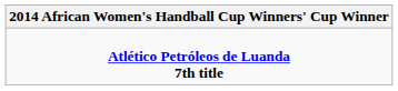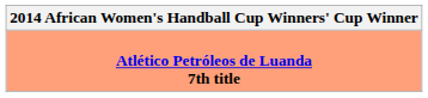 <table class=wikitable style="text-align:center; margin:auto">
 <tr>
 <th>2014 African Women's Handball Cup Winners' Cup Winner</th>
 </tr>
 <tr>
-<td><br><strong><a href='#'>Atlético Petróleos de Luanda</a></strong><br><strong>7th title</strong></td>
+<td style="background: lightsalmon;"><br><strong><a href='#'>Atlético Petróleos de Luanda</a></strong><br><strong>7th title</strong></td>
 </tr>
 </table>
